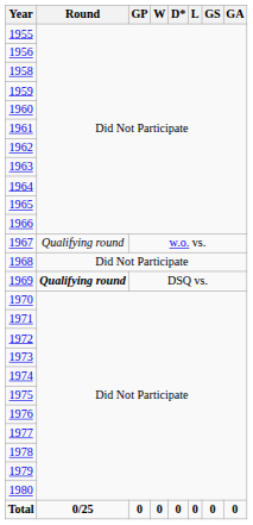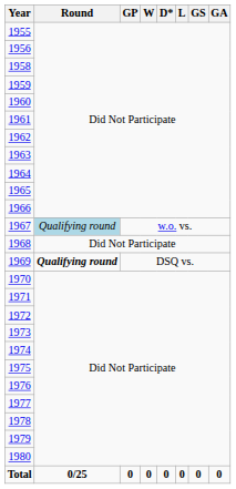 <table class="wikitable" style="text-align: center;">
 <tr>
 <th>Year</th>
 <th>Round</th>
 <th>GP</th>
 <th>W</th>
 <th>D*</th>
 <th>L</th>
 <th>GS</th>
 <th>GA</th>
 </tr>
 <tr>
 <td> <a href='#'>1955</a></td>
 <td rowspan=11 colspan=7>Did Not Participate</td>
 </tr>
 <tr>
 <td> <a href='#'>1956</a></td>
 </tr>
 <tr>
 <td> <a href='#'>1958</a></td>
 </tr>
 <tr>
 <td> <a href='#'>1959</a></td>
 </tr>
 <tr>
 <td> <a href='#'>1960</a></td>
 </tr>
 <tr>
 <td> <a href='#'>1961</a></td>
 </tr>
 <tr>
 <td> <a href='#'>1962</a></td>
 </tr>
 <tr>
 <td> <a href='#'>1963</a></td>
 </tr>
 <tr>
 <td> <a href='#'>1964</a></td>
 </tr>
 <tr>
 <td> <a href='#'>1965</a></td>
 </tr>
 <tr>
 <td> <a href='#'>1966</a></td>
 </tr>
 <tr>
 <td> <a href='#'>1967</a></td>
-<td><em>Qualifying round</em></td>
+<td style="background: lightblue;"><em>Qualifying round</em></td>
 <td colspan=7><a href='#'>w.o.</a> vs. </td>
 </tr>
 <tr>
 <td> <a href='#'>1968</a></td>
 <td rowspan=1 colspan=8>Did Not Participate</td>
 </tr>
 <tr>
 <td> <a href='#'>1969</a></td>
 <td><strong><em>Qualifying round</em></strong></td>
 <td colspan=7>DSQ vs. </td>
 </tr>
 <tr>
 <td> <a href='#'>1970</a></td>
 <td rowspan=11 colspan=7>Did Not Participate</td>
 </tr>
 <tr>
 <td> <a href='#'>1971</a></td>
 </tr>
 <tr>
 <td> <a href='#'>1972</a></td>
 </tr>
 <tr>
 <td> <a href='#'>1973</a></td>
 </tr>
 <tr>
 <td> <a href='#'>1974</a></td>
 </tr>
 <tr>
 <td> <a href='#'>1975</a></td>
 </tr>
 <tr>
 <td> <a href='#'>1976</a></td>
 </tr>
 <tr>
 <td> <a href='#'>1977</a></td>
 </tr>
 <tr>
 <td> <a href='#'>1978</a></td>
 </tr>
 <tr>
 <td> <a href='#'>1979</a></td>
 </tr>
 <tr>
 <td> <a href='#'>1980</a></td>
 </tr>
 <tr>
 <td><strong>Total</strong></td>
 <td><strong>0/25</strong></td>
 <td><strong>0</strong></td>
 <td><strong>0</strong></td>
 <td><strong>0</strong></td>
 <td><strong>0</strong></td>
 <td><strong>0</strong></td>
 <td><strong>0</strong></td>
 </tr>
 </table>
